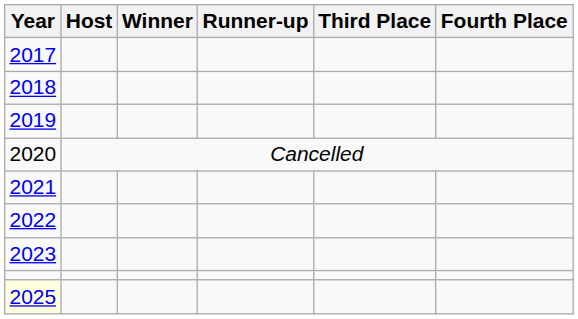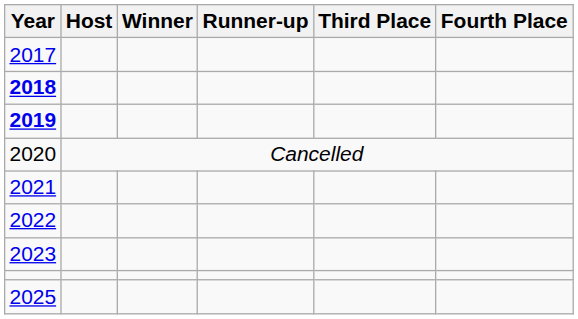 <table class=wikitable>
 <tr>
 <th>Year</th>
 <th>Host</th>
 <th>Winner</th>
 <th>Runner-up</th>
 <th>Third Place</th>
 <th>Fourth Place</th>
 </tr>
 <tr>
 <td align=center><a href='#'>2017</a></td>
 <td></td>
 <td></td>
 <td></td>
 <td></td>
 <td></td>
 </tr>
 <tr>
-<td align=center><a href='#'>2018</a></td>
+<td align=center><strong><a href='#'>2018</a></strong></td>
 <td></td>
 <td></td>
 <td></td>
 <td></td>
 <td></td>
 </tr>
 <tr>
-<td align=center><a href='#'>2019</a></td>
+<td align=center><strong><a href='#'>2019</a></strong></td>
 <td></td>
 <td></td>
 <td></td>
 <td></td>
 <td></td>
 </tr>
 <tr>
 <td align=center>2020</td>
 <td colspan=5 rowspan=1 align=center><em>Cancelled</em></td>
 </tr>
 <tr>
 <td align=center><a href='#'>2021</a></td>
 <td></td>
 <td></td>
 <td></td>
 <td></td>
 <td></td>
 </tr>
 <tr>
 <td align=center><a href='#'>2022</a></td>
 <td></td>
 <td></td>
 <td></td>
 <td></td>
 <td></td>
 </tr>
 <tr>
 <td align=center><a href='#'>2023</a></td>
 <td></td>
 <td></td>
 <td></td>
 <td></td>
 <td></td>
 </tr>
 <tr>
 <td align=center></td>
 <td></td>
 <td></td>
 <td></td>
 <td></td>
 <td></td>
 </tr>
 <tr>
-<td align=center style="background: lightyellow;"><a href='#'>2025</a></td>
+<td align=center><a href='#'>2025</a></td>
 <td></td>
 <td></td>
 <td></td>
 <td></td>
 <td></td>
 </tr>
 </table>
